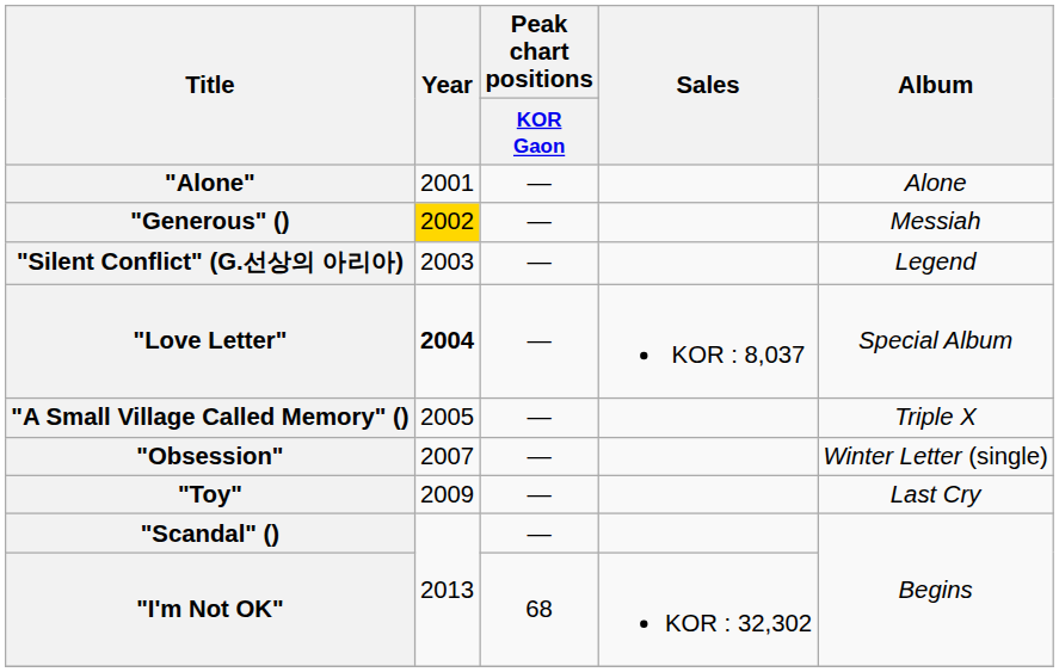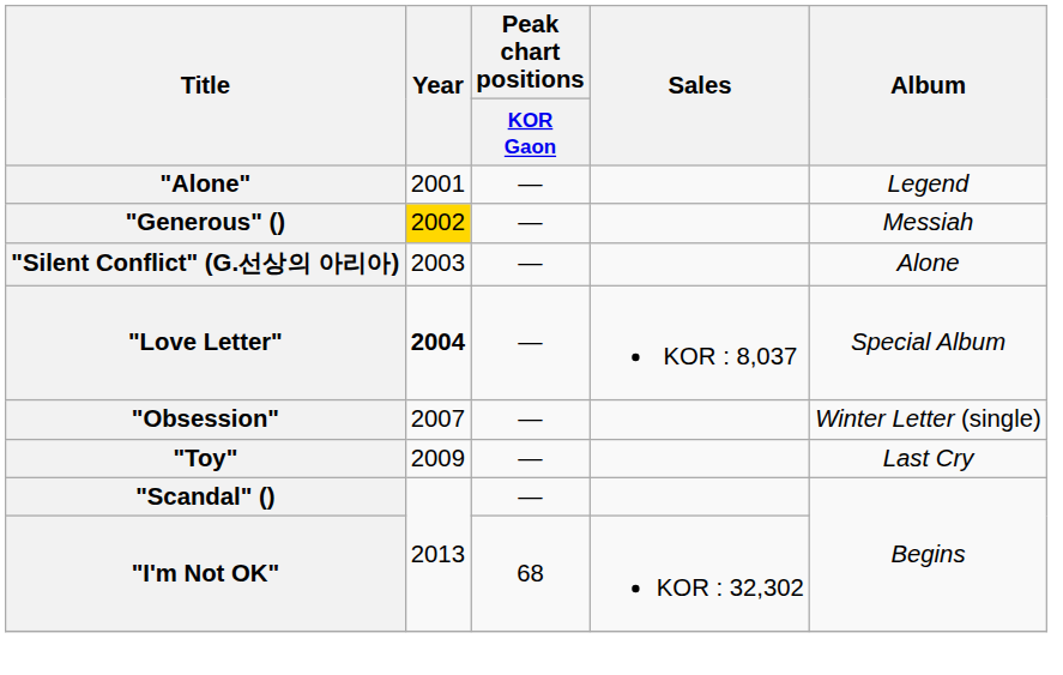 <table class="wikitable plainrowheaders" style="text-align:center;">
 <tr>
 <th scope="col" rowspan="2">Title</th>
 <th scope="col" rowspan="2">Year</th>
 <th colspan="1" scope="col">Peak chart positions</th>
 <th scope="col" rowspan="2">Sales</th>
 <th scope="col" rowspan="2">Album</th>
 </tr>
 <tr>
 <th style="width:3em"><small><a href='#'>KOR<br>Gaon</a></small><br></th>
 </tr>
 <tr>
 <th scope="row">"Alone"</th>
 <td>2001</td>
 <td>—</td>
 <td></td>
-<td><em>Alone</em></td>
+<td><em>Legend</em></td>
 </tr>
 <tr>
 <th scope="row">"Generous" ()</th>
 <td style="background: gold;">2002</td>
 <td>—</td>
 <td></td>
 <td><em>Messiah</em></td>
 </tr>
 <tr>
 <th scope="row">"Silent Conflict" (G.선상의 아리아)</th>
 <td>2003</td>
 <td>—</td>
 <td></td>
-<td><em>Legend</em></td>
+<td><em>Alone</em></td>
 </tr>
 <tr>
 <th scope="row">"Love Letter"</th>
 <td><strong>2004</strong></td>
 <td>—</td>
 <td><br><ul><li>KOR : 8,037</li></ul></td>
 <td><em>Special Album</em></td>
-</tr>
-<tr>
-<th scope="row">"A Small Village Called Memory" ()</th>
-<td>2005</td>
-<td>—</td>
-<td></td>
-<td><em>Triple X</em></td>
 </tr>
 <tr>
 <th scope="row">"Obsession"</th>
 <td>2007</td>
 <td>—</td>
 <td></td>
 <td><em>Winter Letter</em> (single)</td>
 </tr>
 <tr>
 <th scope="row">"Toy"</th>
 <td>2009</td>
 <td>—</td>
 <td></td>
 <td><em>Last Cry</em></td>
 </tr>
 <tr>
 <th scope="row">"Scandal" ()</th>
 <td rowspan="2">2013</td>
 <td>—</td>
 <td></td>
 <td rowspan="2"><em>Begins</em></td>
 </tr>
 <tr>
 <th scope="row">"I'm Not OK"</th>
 <td>68</td>
 <td><br><ul><li>KOR : 32,302</li></ul></td>
 </tr>
 <tr>
 </tr>
 </table>
